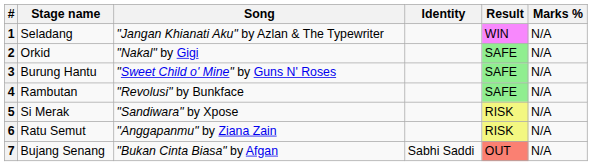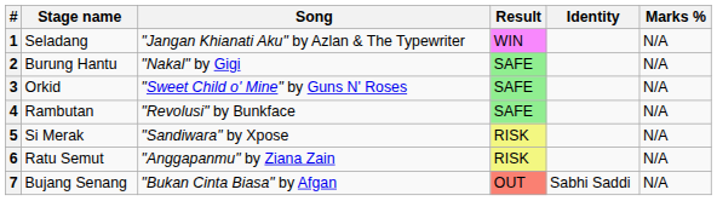 <table class="wikitable plainrowheaders" style="width: 60%; style=text-align: center;">
 <tr>
 <th>#</th>
 <th>Stage name</th>
 <th>Song</th>
+<th>Result</th>
 <th>Identity</th>
-<th>Result</th>
 <th>Marks %</th>
 </tr>
 <tr>
 <th>1</th>
 <td>Seladang</td>
 <td><em>"Jangan Khianati Aku"</em> by Azlan & The Typewriter</td>
+<td bgcolor=#F888FD>WIN</td>
 <td></td>
-<td bgcolor=#F888FD>WIN</td>
 <td>N/A</td>
 </tr>
 <tr>
 <th>2</th>
-<td>Orkid</td>
+<td>Burung Hantu</td>
 <td><em>"Nakal"</em> by <a href='#'>Gigi</a></td>
+<td bgcolor="lightgreen">SAFE</td>
 <td></td>
-<td bgcolor="lightgreen">SAFE</td>
 <td>N/A</td>
 </tr>
 <tr>
 <th>3</th>
-<td>Burung Hantu</td>
+<td>Orkid</td>
 <td><em>"<a href='#'>Sweet Child o' Mine</a>"</em> by <a href='#'>Guns N' Roses</a></td>
+<td bgcolor="lightgreen">SAFE</td>
 <td></td>
-<td bgcolor="lightgreen">SAFE</td>
 <td>N/A</td>
 </tr>
 <tr>
 <th>4</th>
 <td>Rambutan</td>
 <td><em>"Revolusi"</em> by Bunkface</td>
+<td bgcolor="lightgreen">SAFE</td>
 <td></td>
-<td bgcolor="lightgreen">SAFE</td>
 <td>N/A</td>
 </tr>
 <tr>
 <th>5</th>
 <td>Si Merak</td>
 <td><em>"Sandiwara"</em> by Xpose</td>
+<td bgcolor=#F3F781>RISK</td>
 <td></td>
-<td bgcolor=#F3F781>RISK</td>
 <td>N/A</td>
 </tr>
 <tr>
 <th>6</th>
 <td>Ratu Semut</td>
 <td><em>"Anggapanmu"</em> by <a href='#'>Ziana Zain</a></td>
+<td bgcolor=#F3F781>RISK</td>
 <td></td>
-<td bgcolor=#F3F781>RISK</td>
 <td>N/A</td>
 </tr>
 <tr>
 <th>7</th>
 <td>Bujang Senang</td>
 <td><em>"Bukan Cinta Biasa"</em> by <a href='#'>Afgan</a></td>
+<td bgcolor=salmon>OUT</td>
 <td>Sabhi Saddi</td>
-<td bgcolor=salmon>OUT</td>
 <td>N/A</td>
 </tr>
 </table>
